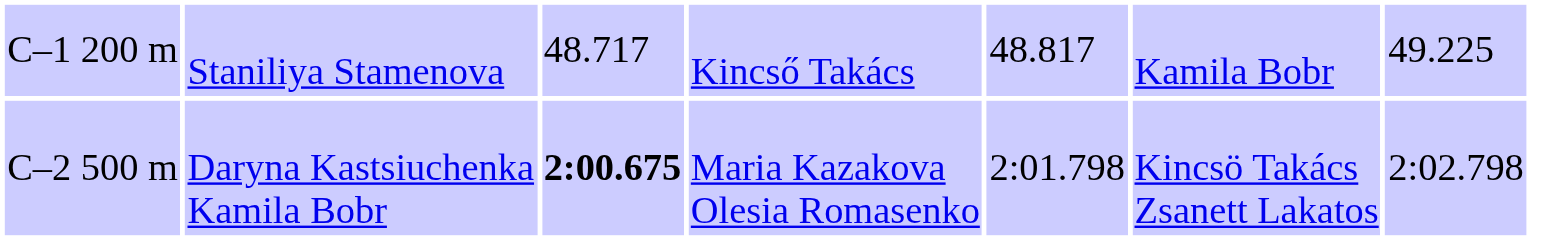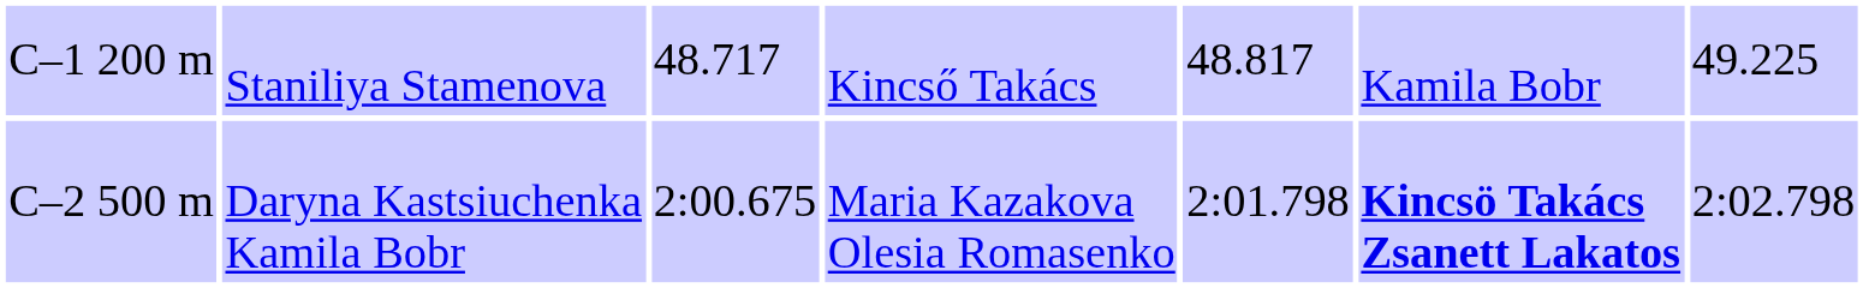 <table>
 <tr bgcolor=ccccff>
 <td>C–1 200 m</td>
 <td><br><a href='#'>Staniliya Stamenova</a></td>
 <td>48.717</td>
 <td><br><a href='#'>Kincső Takács</a></td>
 <td>48.817</td>
 <td><br><a href='#'>Kamila Bobr</a></td>
 <td>49.225</td>
 </tr>
 <tr bgcolor=ccccff>
 <td>C–2 500 m</td>
 <td><br><a href='#'>Daryna Kastsiuchenka</a><br><a href='#'>Kamila Bobr</a></td>
-<td><strong>2:00.675</strong></td>
+<td>2:00.675</td>
 <td><br><a href='#'>Maria Kazakova</a><br><a href='#'>Olesia Romasenko</a></td>
 <td>2:01.798</td>
-<td><br><a href='#'>Kincsö Takács</a><br><a href='#'>Zsanett Lakatos</a></td>
+<td><strong><br><a href='#'>Kincsö Takács</a><br><a href='#'>Zsanett Lakatos</a></strong></td>
 <td>2:02.798</td>
 </tr>
 </table>
